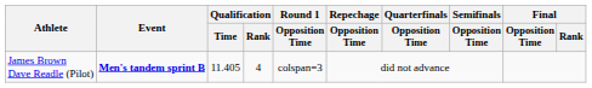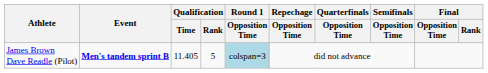 <table class="wikitable" style="font-size:90%;">
 <tr>
 <th rowspan=2>Athlete</th>
 <th rowspan=2>Event</th>
 <th colspan=2>Qualification</th>
 <th>Round 1</th>
 <th>Repechage</th>
 <th>Quarterfinals</th>
 <th>Semifinals</th>
 <th colspan=2>Final</th>
 </tr>
 <tr style="font-size:95%">
 <th>Time</th>
 <th>Rank</th>
 <th>Opposition<br>Time</th>
 <th>Opposition<br>Time</th>
 <th>Opposition<br>Time</th>
 <th>Opposition<br>Time</th>
 <th>Opposition<br>Time</th>
 <th>Rank</th>
 </tr>
 <tr align=center>
 <td align=left><a href='#'>James Brown</a><br><a href='#'>Dave Readle</a> (Pilot)</td>
 <td align=left><strong><a href='#'>Men's tandem sprint B</a></strong></td>
 <td>11.405</td>
-<td>4</td>
-<td>colspan=3 </td>
+<td>5</td>
+<td style="background: lightblue;">colspan=3 </td>
 <td colspan=3>did not advance</td>
 </tr>
 </table>
